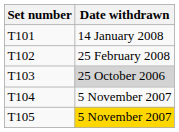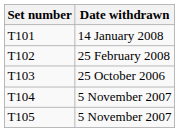 <table class="wikitable">
 <tr>
 <th>Set number</th>
 <th>Date withdrawn</th>
 </tr>
 <tr>
 <td>T101</td>
 <td>14 January 2008</td>
 </tr>
 <tr>
 <td>T102</td>
 <td>25 February 2008</td>
 </tr>
 <tr>
 <td>T103</td>
-<td style="background: lightgrey;">25 October 2006</td>
+<td>25 October 2006</td>
 </tr>
 <tr>
 <td>T104</td>
 <td>5 November 2007</td>
 </tr>
 <tr>
 <td>T105</td>
-<td style="background: gold;">5 November 2007</td>
+<td>5 November 2007</td>
 </tr>
 </table>
